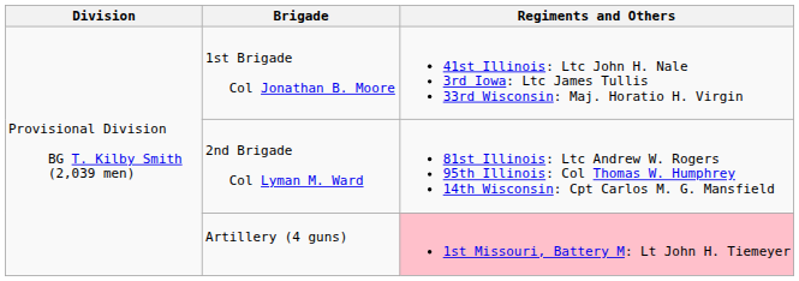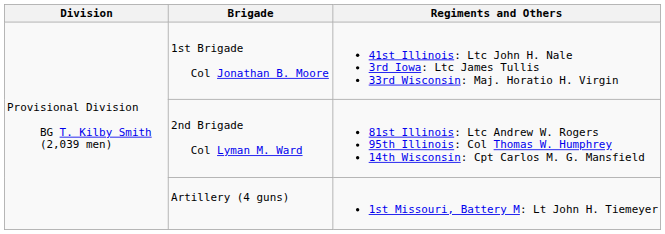 <table class="wikitable">
 <tr>
 <th width="25%">Division</th>
 <th width="25%">Brigade</th>
 <th>Regiments and Others</th>
 </tr>
 <tr>
 <td rowspan="3">Provisional Division<br><br>     BG <a href='#'>T. Kilby Smith</a> <br>     (2,039 men)</td>
 <td>1st Brigade<br><br>   Col <a href='#'>Jonathan B. Moore</a></td>
 <td><br><ul><li><a href='#'>41st Illinois</a>: Ltc John H. Nale</li><li><a href='#'>3rd Iowa</a>: Ltc James Tullis</li><li><a href='#'>33rd Wisconsin</a>: Maj. Horatio H. Virgin</li></ul></td>
 </tr>
 <tr>
 <td>2nd Brigade<br><br>   Col <a href='#'>Lyman M. Ward</a></td>
 <td><br><ul><li><a href='#'>81st Illinois</a>: Ltc Andrew W. Rogers</li><li><a href='#'>95th Illinois</a>: Col <a href='#'>Thomas W. Humphrey</a></li><li><a href='#'>14th Wisconsin</a>: Cpt Carlos M. G. Mansfield</li></ul></td>
 </tr>
 <tr>
 <td>Artillery (4 guns)<br><br></td>
-<td style="background: pink;"><br><ul><li><a href='#'>1st Missouri, Battery M</a>: Lt John H. Tiemeyer</li></ul></td>
+<td><br><ul><li><a href='#'>1st Missouri, Battery M</a>: Lt John H. Tiemeyer</li></ul></td>
 </tr>
 </table>
